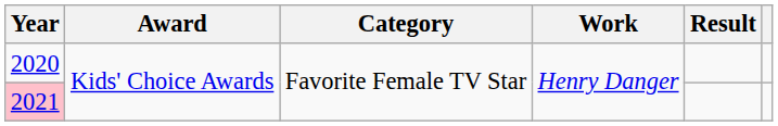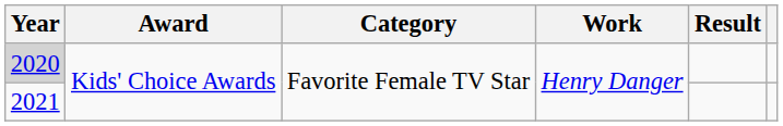 <table class="wikitable">
 <tr>
 <th>Year</th>
 <th>Award</th>
 <th>Category</th>
 <th>Work</th>
 <th>Result</th>
 <th></th>
 </tr>
 <tr>
-<td><a href='#'>2020</a></td>
+<td style="background: lightgrey;"><a href='#'>2020</a></td>
 <td rowspan="2"><a href='#'>Kids' Choice Awards</a></td>
 <td rowspan="2">Favorite Female TV Star</td>
 <td rowspan="2"><em><a href='#'>Henry Danger</a></em></td>
 <td></td>
 <td style="text-align:center;"></td>
 </tr>
 <tr>
-<td style="background: pink;"><a href='#'>2021</a></td>
+<td><a href='#'>2021</a></td>
 <td></td>
 <td style="text-align:center;"></td>
 </tr>
 </table>
